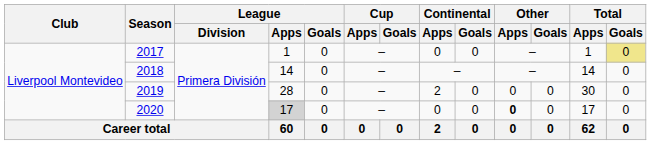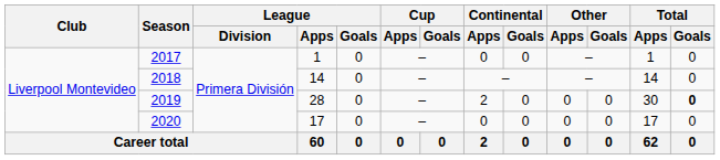 <table class="wikitable" style="text-align: center;">
 <tr>
 <th rowspan="2">Club</th>
 <th rowspan="2">Season</th>
 <th colspan="3">League</th>
 <th colspan="2">Cup</th>
 <th colspan="2">Continental</th>
 <th colspan="2">Other</th>
 <th colspan="2">Total</th>
 </tr>
 <tr>
 <th>Division</th>
 <th>Apps</th>
 <th>Goals</th>
 <th>Apps</th>
 <th>Goals</th>
 <th>Apps</th>
 <th>Goals</th>
 <th>Apps</th>
 <th>Goals</th>
 <th>Apps</th>
 <th>Goals</th>
 </tr>
 <tr>
 <td rowspan="4"><a href='#'>Liverpool Montevideo</a></td>
 <td><a href='#'>2017</a></td>
 <td rowspan="4"><a href='#'>Primera División</a></td>
 <td>1</td>
 <td>0</td>
 <td colspan="2">–</td>
 <td>0</td>
 <td>0</td>
 <td colspan="2">–</td>
 <td>1</td>
-<td style="background: khaki;">0</td>
+<td>0</td>
 </tr>
 <tr>
 <td><a href='#'>2018</a></td>
 <td>14</td>
 <td>0</td>
 <td colspan="2">–</td>
 <td colspan="2">–</td>
 <td colspan="2">–</td>
 <td>14</td>
 <td>0</td>
 </tr>
 <tr>
 <td><a href='#'>2019</a></td>
 <td>28</td>
 <td>0</td>
 <td colspan="2">–</td>
 <td>2</td>
 <td>0</td>
 <td>0</td>
 <td>0</td>
 <td>30</td>
-<td>0</td>
+<td><strong>0</strong></td>
 </tr>
 <tr>
 <td><a href='#'>2020</a></td>
-<td style="background: lightgrey;">17</td>
+<td>17</td>
 <td>0</td>
 <td colspan="2">–</td>
 <td>0</td>
 <td>0</td>
-<td><strong>0</strong></td>
+<td>0</td>
 <td>0</td>
 <td>17</td>
 <td>0</td>
 </tr>
 <tr>
 <th colspan="3">Career total</th>
 <th>60</th>
 <th>0</th>
 <th>0</th>
 <th>0</th>
 <th>2</th>
 <th>0</th>
 <th>0</th>
 <th>0</th>
 <th>62</th>
 <th>0</th>
 </tr>
 </table>
